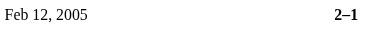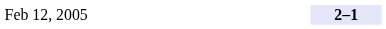 <table width=100% cellspacing=1>
 <tr>
 <th width=120></th>
 <th width=220></th>
 <th width=70></th>
 <th width=220></th>
 <th></th>
 </tr>
 <tr>
 <td align=right>Feb 12, 2005</td>
 <td align=right><strong></strong></td>
-<td align=center><strong>2–1</strong></td>
+<td align=center style="background: lavender;"><strong>2–1</strong></td>
 <td><strong></strong></td>
 </tr>
 </table>
